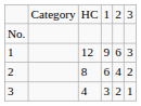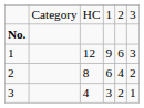 <table class="wikitable">
 <tr>
 <td></td>
 <td>Category</td>
 <td>HC</td>
 <td>1</td>
 <td>2</td>
 <td>3</td>
 </tr>
 <tr>
-<td>No.</td>
+<td><strong>No.</strong></td>
 <td></td>
 <td></td>
 <td></td>
 <td></td>
 <td></td>
 </tr>
 <tr>
 <td>1</td>
 <td></td>
 <td>12</td>
 <td>9</td>
 <td>6</td>
 <td>3</td>
 </tr>
 <tr>
 <td>2</td>
 <td></td>
 <td>8</td>
 <td>6</td>
 <td>4</td>
 <td>2</td>
 </tr>
 <tr>
 <td>3</td>
 <td></td>
 <td>4</td>
 <td>3</td>
 <td>2</td>
 <td>1</td>
 </tr>
 </table>
